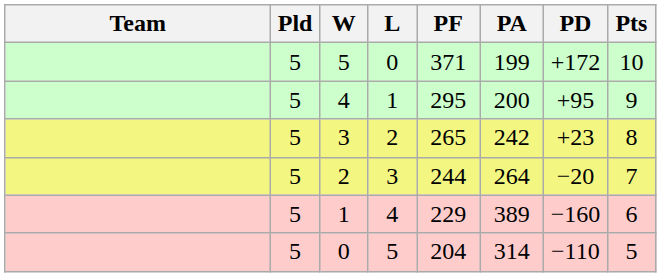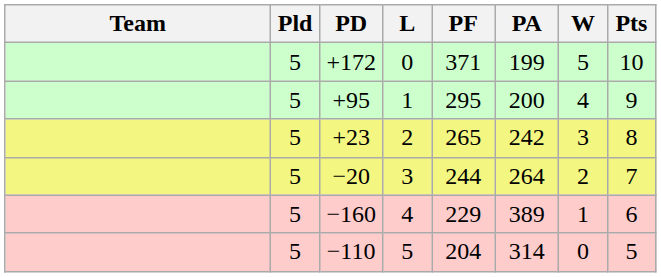 <table class="wikitable" style="text-align:center;">
 <tr>
 <th width=170>Team</th>
 <th width=25>Pld</th>
-<th width=25>W</th>
+<th width=35>PD</th>
 <th width=25>L</th>
 <th width=35>PF</th>
 <th width=35>PA</th>
-<th width=35>PD</th>
+<th width=25>W</th>
 <th width=25>Pts</th>
 </tr>
 <tr style="background:#ccffcc">
 <td style="text-align:left"></td>
 <td>5</td>
-<td>5</td>
+<td>+172</td>
 <td>0</td>
 <td>371</td>
 <td>199</td>
-<td>+172</td>
+<td>5</td>
 <td>10</td>
 </tr>
 <tr style="background:#ccffcc">
 <td style="text-align:left"></td>
 <td>5</td>
-<td>4</td>
+<td>+95</td>
 <td>1</td>
 <td>295</td>
 <td>200</td>
-<td>+95</td>
+<td>4</td>
 <td>9</td>
 </tr>
 <tr style="background:#F3F781">
 <td style="text-align:left"></td>
 <td>5</td>
-<td>3</td>
+<td>+23</td>
 <td>2</td>
 <td>265</td>
 <td>242</td>
-<td>+23</td>
+<td>3</td>
 <td>8</td>
 </tr>
 <tr style="background:#F3F781">
 <td style="text-align:left"></td>
 <td>5</td>
-<td>2</td>
+<td>−20</td>
 <td>3</td>
 <td>244</td>
 <td>264</td>
-<td>−20</td>
+<td>2</td>
 <td>7</td>
 </tr>
 <tr style="background:#ffcccc">
 <td style="text-align:left"></td>
 <td>5</td>
-<td>1</td>
+<td>−160</td>
 <td>4</td>
 <td>229</td>
 <td>389</td>
-<td>−160</td>
+<td>1</td>
 <td>6</td>
 </tr>
 <tr style="background:#ffcccc">
 <td style="text-align:left"></td>
 <td>5</td>
-<td>0</td>
+<td>−110</td>
 <td>5</td>
 <td>204</td>
 <td>314</td>
-<td>−110</td>
+<td>0</td>
 <td>5</td>
 </tr>
 </table>
